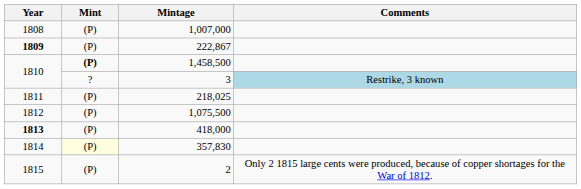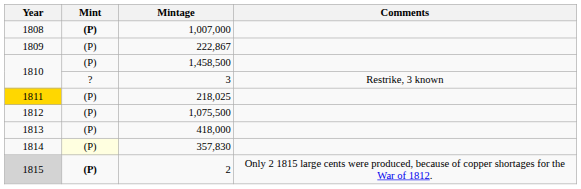 <table class="wikitable sortable" style="min-width:65%; text-align:center;">
 <tr>
 <th width="10%">Year</th>
 <th width="10%">Mint</th>
 <th width="20%">Mintage</th>
 <th width="60%">Comments</th>
 </tr>
 <tr>
 <td>1808</td>
-<td>(P)</td>
+<td><strong>(P)</strong></td>
 <td align="right">1,007,000</td>
 <td></td>
 </tr>
 <tr>
-<td><strong>1809</strong></td>
+<td>1809</td>
 <td>(P)</td>
 <td align="right">222,867</td>
 <td></td>
 </tr>
 <tr>
 <td rowspan="2">1810</td>
-<td><strong>(P)</strong></td>
+<td>(P)</td>
 <td align="right">1,458,500</td>
 <td></td>
 </tr>
 <tr>
 <td>?</td>
 <td align="right">3</td>
-<td style="background: lightblue;">Restrike, 3 known</td>
+<td>Restrike, 3 known</td>
 </tr>
 <tr>
-<td>1811</td>
+<td style="background: gold;">1811</td>
 <td>(P)</td>
 <td align="right">218,025</td>
 <td></td>
 </tr>
 <tr>
 <td>1812</td>
 <td>(P)</td>
 <td align="right">1,075,500</td>
 <td></td>
 </tr>
 <tr>
-<td><strong>1813</strong></td>
+<td>1813</td>
 <td>(P)</td>
 <td align="right">418,000</td>
 <td></td>
 </tr>
 <tr>
 <td>1814</td>
 <td style="background: lightyellow;">(P)</td>
 <td align="right">357,830</td>
 <td></td>
 </tr>
 <tr>
-<td>1815</td>
-<td>(P)</td>
+<td style="background: lightgrey;">1815</td>
+<td><strong>(P)</strong></td>
 <td align= "right">2</td>
 <td>Only 2 1815 large cents were produced, because of copper shortages for the <a href='#'>War of 1812</a>.</td>
 </tr>
 </table>
